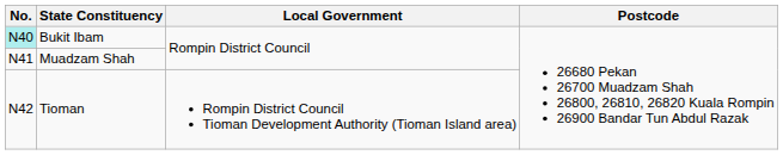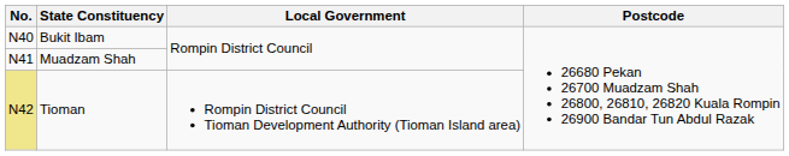 <table class="wikitable">
 <tr>
 <th>No.</th>
 <th>State Constituency</th>
 <th>Local Government</th>
 <th>Postcode</th>
 </tr>
 <tr>
-<td style="background: paleturquoise;">N40</td>
+<td>N40</td>
 <td>Bukit Ibam</td>
 <td rowspan="2">Rompin District Council</td>
 <td rowspan="3"><br><ul><li>26680 Pekan</li><li>26700 Muadzam Shah</li><li>26800, 26810, 26820 Kuala Rompin</li><li>26900 Bandar Tun Abdul Razak</li></ul></td>
 </tr>
 <tr>
 <td>N41</td>
 <td>Muadzam Shah</td>
 </tr>
 <tr>
-<td>N42</td>
+<td style="background: khaki;">N42</td>
 <td>Tioman</td>
 <td><br><ul><li>Rompin District Council</li><li>Tioman Development Authority (Tioman Island area)</li></ul></td>
 </tr>
 </table>
